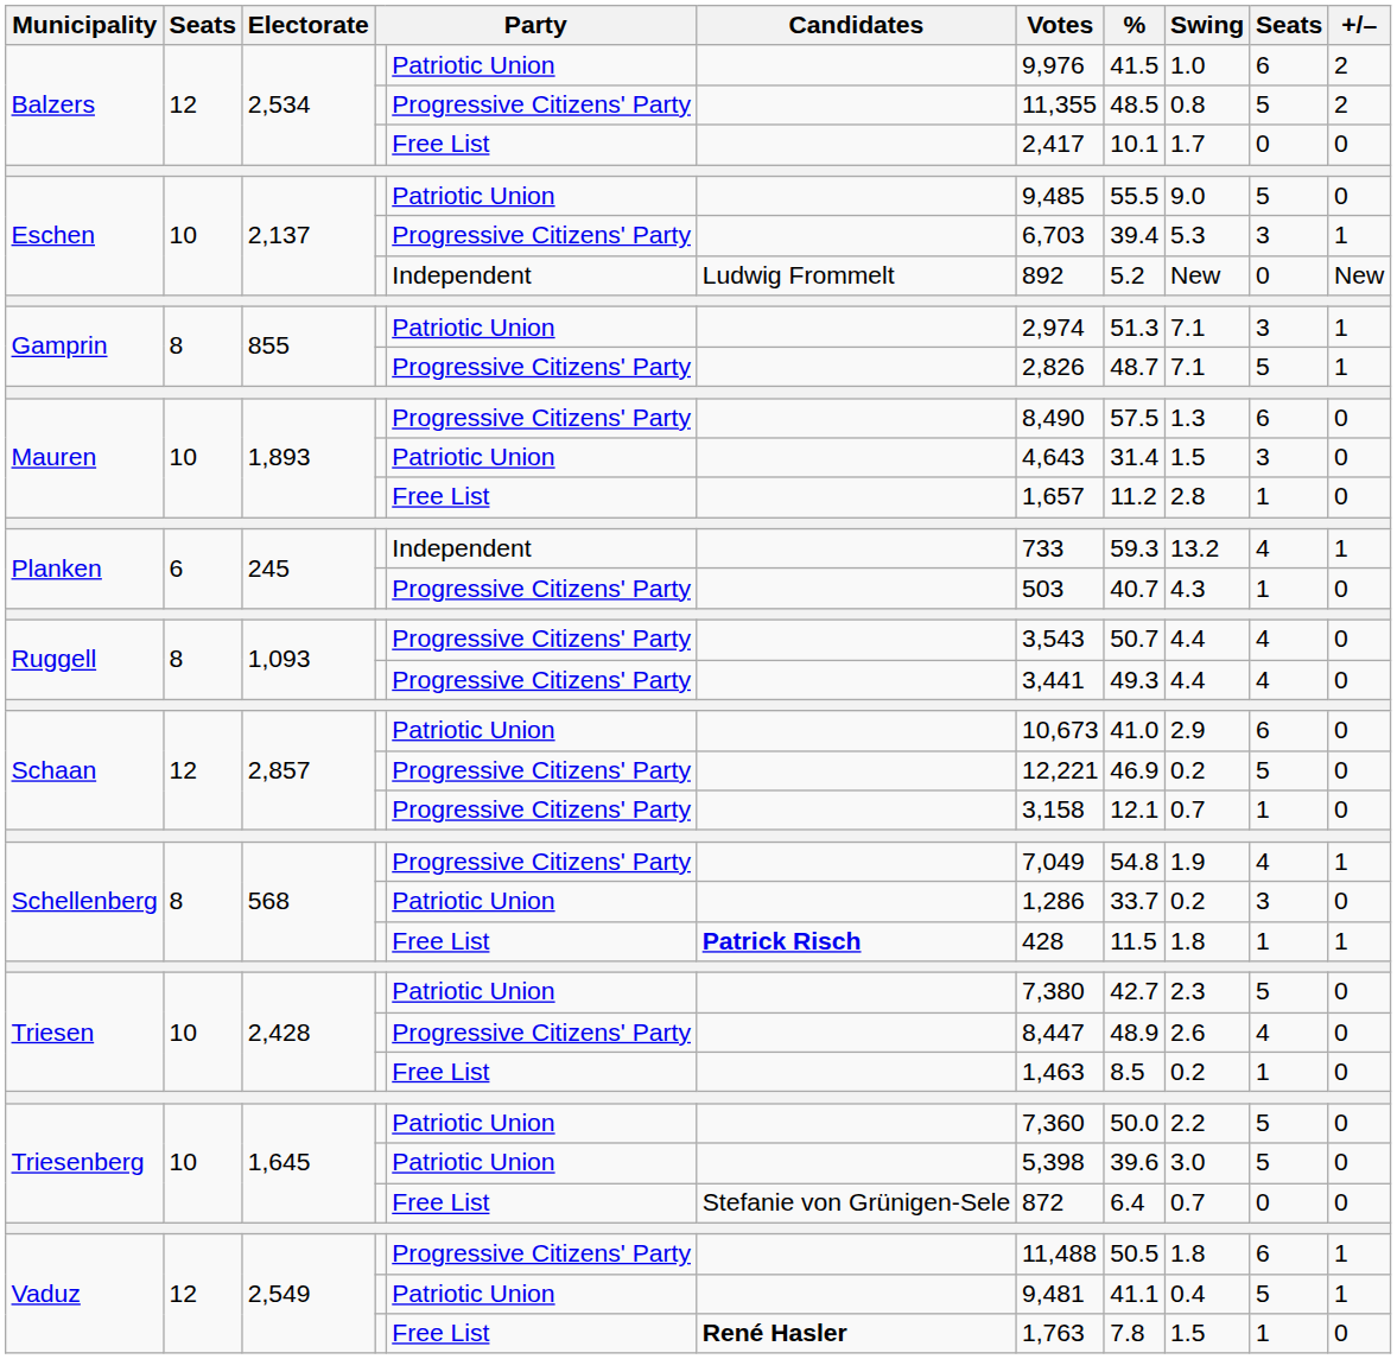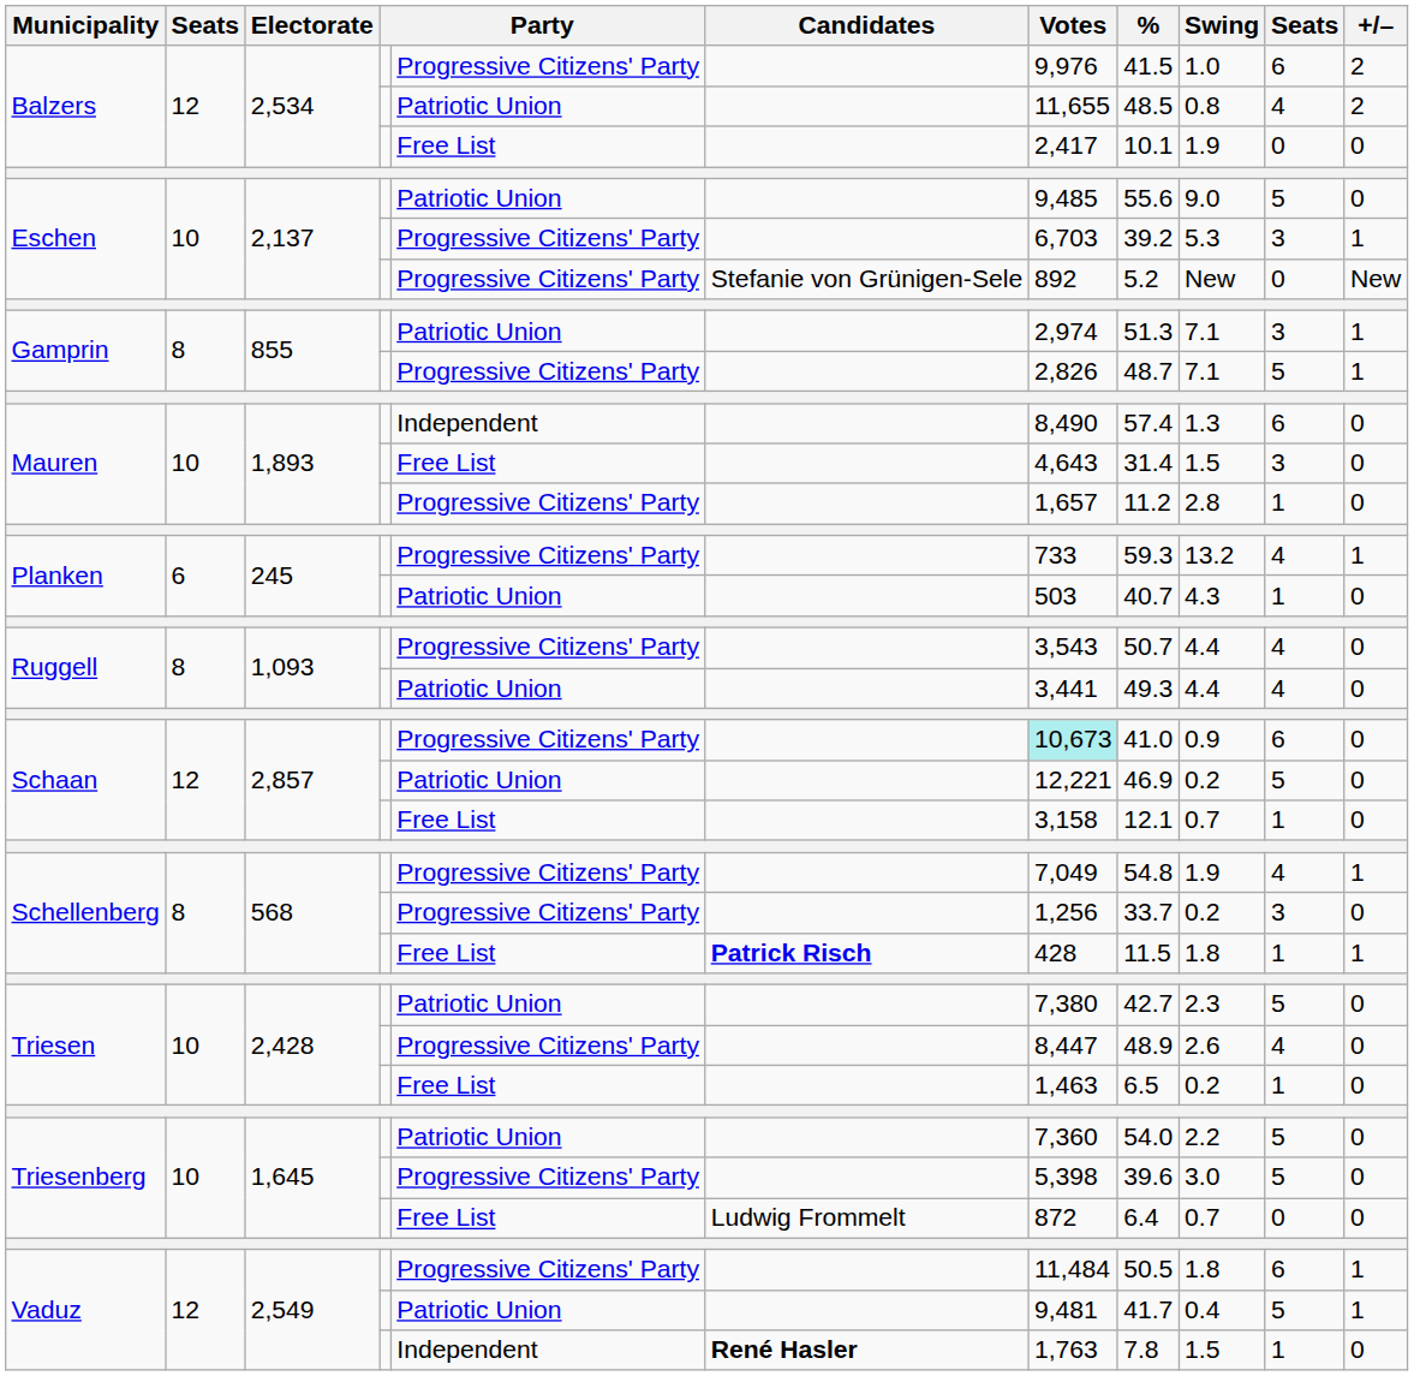 <table class="wikitable">
 <tr>
 <th>Municipality</th>
 <th>Seats</th>
 <th>Electorate</th>
 <th colspan="2">Party</th>
 <th>Candidates</th>
 <th>Votes</th>
 <th>%</th>
 <th>Swing</th>
 <th>Seats</th>
 <th>+/–</th>
 </tr>
 <tr>
 <td rowspan="3"><a href='#'>Balzers</a></td>
 <td rowspan="3">12</td>
 <td rowspan="3">2,534</td>
 <td style="color:inherit;background:"></td>
-<td><a href='#'>Patriotic Union</a></td>
+<td><a href='#'>Progressive Citizens' Party</a></td>
 <td></td>
 <td>9,976</td>
 <td>41.5</td>
 <td> 1.0</td>
 <td>6</td>
 <td> 2</td>
 </tr>
 <tr>
 <td style="color:inherit;background:"></td>
-<td><a href='#'>Progressive Citizens' Party</a></td>
+<td><a href='#'>Patriotic Union</a></td>
 <td></td>
-<td>11,355</td>
+<td>11,655</td>
 <td>48.5</td>
 <td> 0.8</td>
-<td>5</td>
+<td>4</td>
 <td> 2</td>
 </tr>
 <tr>
 <td style="color:inherit;background:"></td>
 <td><a href='#'>Free List</a></td>
 <td></td>
 <td>2,417</td>
 <td>10.1</td>
-<td> 1.7</td>
+<td> 1.9</td>
 <td>0</td>
 <td>0</td>
 </tr>
 <tr>
 <th colspan="11"></th>
 </tr>
 <tr>
 <td rowspan="3"><a href='#'>Eschen</a></td>
 <td rowspan="3">10</td>
 <td rowspan="3">2,137</td>
 <td style="color:inherit;background:"></td>
 <td><a href='#'>Patriotic Union</a></td>
 <td></td>
 <td>9,485</td>
-<td>55.5</td>
+<td>55.6</td>
 <td> 9.0</td>
 <td>5</td>
 <td>0</td>
 </tr>
 <tr>
 <td style="color:inherit;background:"></td>
 <td><a href='#'>Progressive Citizens' Party</a></td>
 <td></td>
 <td>6,703</td>
-<td>39.4</td>
+<td>39.2</td>
 <td> 5.3</td>
 <td>3</td>
 <td> 1</td>
 </tr>
 <tr>
 <td style="color:inherit;background:"></td>
-<td>Independent</td>
-<td>Ludwig Frommelt</td>
+<td><a href='#'>Progressive Citizens' Party</a></td>
+<td>Stefanie von Grünigen-Sele</td>
 <td>892</td>
 <td>5.2</td>
 <td>New</td>
 <td>0</td>
 <td>New</td>
 </tr>
 <tr>
 <th colspan="11"></th>
 </tr>
 <tr>
 <td rowspan="2"><a href='#'>Gamprin</a></td>
 <td rowspan="2">8</td>
 <td rowspan="2">855</td>
 <td style="color:inherit;background:"></td>
 <td><a href='#'>Patriotic Union</a></td>
 <td></td>
 <td>2,974</td>
 <td>51.3</td>
 <td> 7.1</td>
 <td>3</td>
 <td> 1</td>
 </tr>
 <tr>
 <td style="color:inherit;background:"></td>
 <td><a href='#'>Progressive Citizens' Party</a></td>
 <td></td>
 <td>2,826</td>
 <td>48.7</td>
 <td> 7.1</td>
 <td>5</td>
 <td> 1</td>
 </tr>
 <tr>
 <th colspan="11"></th>
 </tr>
 <tr>
 <td rowspan="3"><a href='#'>Mauren</a></td>
 <td rowspan="3">10</td>
 <td rowspan="3">1,893</td>
 <td style="color:inherit;background:"></td>
-<td><a href='#'>Progressive Citizens' Party</a></td>
+<td>Independent</td>
 <td></td>
 <td>8,490</td>
-<td>57.5</td>
+<td>57.4</td>
 <td> 1.3</td>
 <td>6</td>
 <td>0</td>
 </tr>
 <tr>
 <td style="color:inherit;background:"></td>
-<td><a href='#'>Patriotic Union</a></td>
+<td><a href='#'>Free List</a></td>
 <td></td>
 <td>4,643</td>
 <td>31.4</td>
 <td> 1.5</td>
 <td>3</td>
 <td>0</td>
 </tr>
 <tr>
 <td style="color:inherit;background:"></td>
-<td><a href='#'>Free List</a></td>
+<td><a href='#'>Progressive Citizens' Party</a></td>
 <td></td>
 <td>1,657</td>
 <td>11.2</td>
 <td> 2.8</td>
 <td>1</td>
 <td>0</td>
 </tr>
 <tr>
 <th colspan="11"></th>
 </tr>
 <tr>
 <td rowspan="2"><a href='#'>Planken</a></td>
 <td rowspan="2">6</td>
 <td rowspan="2">245</td>
 <td style="color:inherit;background:"></td>
-<td>Independent</td>
+<td><a href='#'>Progressive Citizens' Party</a></td>
 <td></td>
 <td>733</td>
 <td>59.3</td>
 <td> 13.2</td>
 <td>4</td>
 <td> 1</td>
 </tr>
 <tr>
 <td style="color:inherit;background:"></td>
-<td><a href='#'>Progressive Citizens' Party</a></td>
+<td><a href='#'>Patriotic Union</a></td>
 <td></td>
 <td>503</td>
 <td>40.7</td>
 <td> 4.3</td>
 <td>1</td>
 <td>0</td>
 </tr>
 <tr>
 <th colspan="11"></th>
 </tr>
 <tr>
 <td rowspan="2"><a href='#'>Ruggell</a></td>
 <td rowspan="2">8</td>
 <td rowspan="2">1,093</td>
 <td style="color:inherit;background:"></td>
 <td><a href='#'>Progressive Citizens' Party</a></td>
 <td></td>
 <td>3,543</td>
 <td>50.7</td>
 <td> 4.4</td>
 <td>4</td>
 <td>0</td>
 </tr>
 <tr>
 <td style="color:inherit;background:"></td>
-<td><a href='#'>Progressive Citizens' Party</a></td>
+<td><a href='#'>Patriotic Union</a></td>
 <td></td>
 <td>3,441</td>
 <td>49.3</td>
 <td> 4.4</td>
 <td>4</td>
 <td>0</td>
 </tr>
 <tr>
 <th colspan="11"></th>
 </tr>
 <tr>
 <td rowspan="3"><a href='#'>Schaan</a></td>
 <td rowspan="3">12</td>
 <td rowspan="3">2,857</td>
 <td style="color:inherit;background:"></td>
-<td><a href='#'>Patriotic Union</a></td>
+<td><a href='#'>Progressive Citizens' Party</a></td>
 <td></td>
-<td>10,673</td>
+<td style="background: paleturquoise;">10,673</td>
 <td>41.0</td>
-<td> 2.9</td>
+<td> 0.9</td>
 <td>6</td>
 <td>0</td>
 </tr>
 <tr>
 <td style="color:inherit;background:"></td>
-<td><a href='#'>Progressive Citizens' Party</a></td>
+<td><a href='#'>Patriotic Union</a></td>
 <td></td>
 <td>12,221</td>
 <td>46.9</td>
 <td> 0.2</td>
 <td>5</td>
 <td>0</td>
 </tr>
 <tr>
 <td style="color:inherit;background:"></td>
-<td><a href='#'>Progressive Citizens' Party</a></td>
+<td><a href='#'>Free List</a></td>
 <td></td>
 <td>3,158</td>
 <td>12.1</td>
 <td> 0.7</td>
 <td>1</td>
 <td>0</td>
 </tr>
 <tr>
 <th colspan="11"></th>
 </tr>
 <tr>
 <td rowspan="3"><a href='#'>Schellenberg</a></td>
 <td rowspan="3">8</td>
 <td rowspan="3">568</td>
 <td style="color:inherit;background:"></td>
 <td><a href='#'>Progressive Citizens' Party</a></td>
 <td></td>
 <td>7,049</td>
 <td>54.8</td>
 <td> 1.9</td>
 <td>4</td>
 <td> 1</td>
 </tr>
 <tr>
 <td style="color:inherit;background:"></td>
-<td><a href='#'>Patriotic Union</a></td>
+<td><a href='#'>Progressive Citizens' Party</a></td>
 <td></td>
-<td>1,286</td>
+<td>1,256</td>
 <td>33.7</td>
 <td> 0.2</td>
 <td>3</td>
 <td>0</td>
 </tr>
 <tr>
 <td style="color:inherit;background:"></td>
 <td><a href='#'>Free List</a></td>
 <td><strong><a href='#'>Patrick Risch</a></strong></td>
 <td>428</td>
 <td>11.5</td>
 <td> 1.8</td>
 <td>1</td>
 <td> 1</td>
 </tr>
 <tr>
 <th colspan="11"></th>
 </tr>
 <tr>
 <td rowspan="3"><a href='#'>Triesen</a></td>
 <td rowspan="3">10</td>
 <td rowspan="3">2,428</td>
 <td style="color:inherit;background:"></td>
 <td><a href='#'>Patriotic Union</a></td>
 <td></td>
 <td>7,380</td>
 <td>42.7</td>
 <td> 2.3</td>
 <td>5</td>
 <td>0</td>
 </tr>
 <tr>
 <td style="color:inherit;background:"></td>
 <td><a href='#'>Progressive Citizens' Party</a></td>
 <td></td>
 <td>8,447</td>
 <td>48.9</td>
 <td> 2.6</td>
 <td>4</td>
 <td>0</td>
 </tr>
 <tr>
 <td style="color:inherit;background:"></td>
 <td><a href='#'>Free List</a></td>
 <td></td>
 <td>1,463</td>
-<td>8.5</td>
+<td>6.5</td>
 <td> 0.2</td>
 <td>1</td>
 <td>0</td>
 </tr>
 <tr>
 <th colspan="11"></th>
 </tr>
 <tr>
 <td rowspan="3"><a href='#'>Triesenberg</a></td>
 <td rowspan="3">10</td>
 <td rowspan="3">1,645</td>
 <td style="color:inherit;background:"></td>
 <td><a href='#'>Patriotic Union</a></td>
 <td></td>
 <td>7,360</td>
-<td>50.0</td>
+<td>54.0</td>
 <td> 2.2</td>
 <td>5</td>
 <td>0</td>
 </tr>
 <tr>
 <td style="color:inherit;background:"></td>
-<td><a href='#'>Patriotic Union</a></td>
+<td><a href='#'>Progressive Citizens' Party</a></td>
 <td></td>
 <td>5,398</td>
 <td>39.6</td>
 <td> 3.0</td>
 <td>5</td>
 <td>0</td>
 </tr>
 <tr>
 <td style="color:inherit;background:"></td>
 <td><a href='#'>Free List</a></td>
-<td>Stefanie von Grünigen-Sele</td>
+<td>Ludwig Frommelt</td>
 <td>872</td>
 <td>6.4</td>
 <td> 0.7</td>
 <td>0</td>
 <td>0</td>
 </tr>
 <tr>
 <th colspan="11"></th>
 </tr>
 <tr>
 <td rowspan="3"><a href='#'>Vaduz</a></td>
 <td rowspan="3">12</td>
 <td rowspan="3">2,549</td>
 <td style="color:inherit;background:"></td>
 <td><a href='#'>Progressive Citizens' Party</a></td>
 <td></td>
-<td>11,488</td>
+<td>11,484</td>
 <td>50.5</td>
 <td> 1.8</td>
 <td>6</td>
 <td> 1</td>
 </tr>
 <tr>
 <td style="color:inherit;background:"></td>
 <td><a href='#'>Patriotic Union</a></td>
 <td></td>
 <td>9,481</td>
-<td>41.1</td>
+<td>41.7</td>
 <td> 0.4</td>
 <td>5</td>
 <td> 1</td>
 </tr>
 <tr>
 <td style="color:inherit;background:"></td>
-<td><a href='#'>Free List</a></td>
+<td>Independent</td>
 <td><strong>René Hasler</strong></td>
 <td>1,763</td>
 <td>7.8</td>
 <td> 1.5</td>
 <td>1</td>
 <td>0</td>
 </tr>
 </table>
